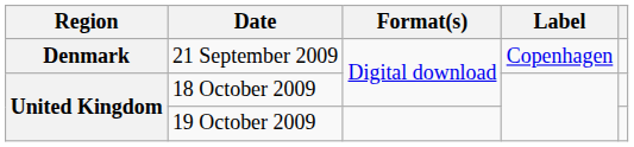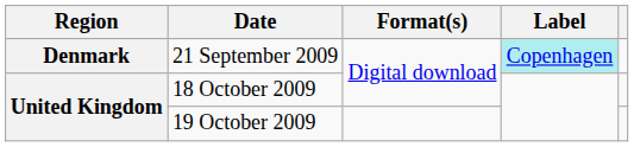 <table class="wikitable plainrowheaders">
 <tr>
 <th scope="col">Region</th>
 <th scope="col">Date</th>
 <th scope="col">Format(s)</th>
 <th scope="col">Label</th>
 <th scope="col"></th>
 </tr>
 <tr>
 <th scope="row">Denmark</th>
 <td>21 September 2009</td>
 <td rowspan="2"><a href='#'>Digital download</a></td>
-<td><a href='#'>Copenhagen</a></td>
+<td style="background: paleturquoise;"><a href='#'>Copenhagen</a></td>
 <td align="center"></td>
 </tr>
 <tr>
 <th scope="row" rowspan="2">United Kingdom</th>
 <td>18 October 2009</td>
 <td rowspan="2"></td>
 <td align="center"></td>
 </tr>
 <tr>
 <td>19 October 2009</td>
 <td></td>
 <td align="center"></td>
 </tr>
 </table>
